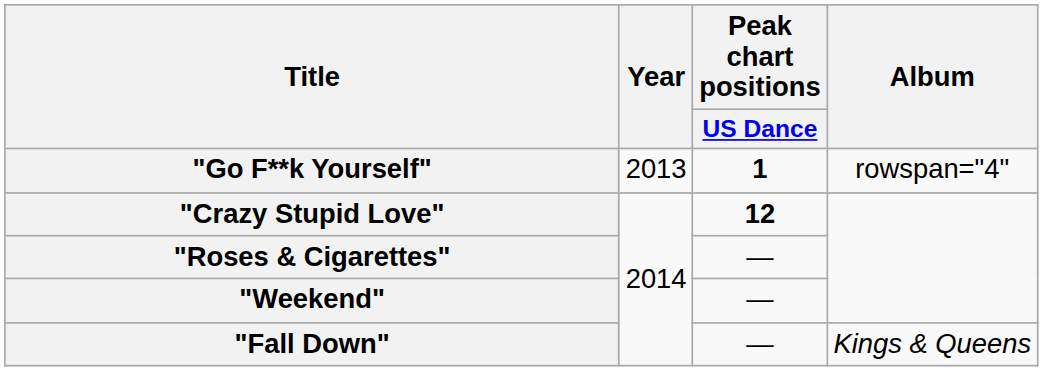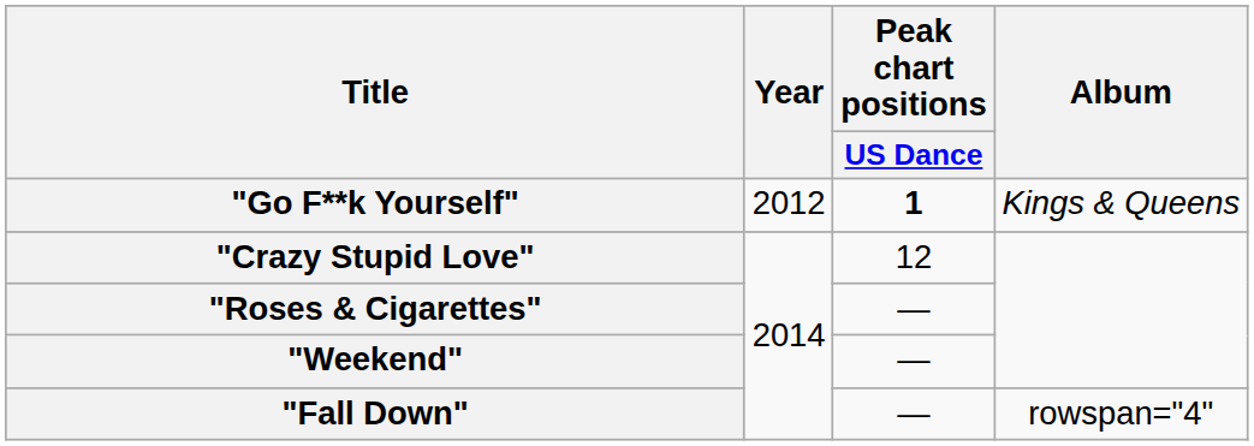 <table class="wikitable plainrowheaders" style="text-align:center;">
 <tr>
 <th scope="col" rowspan="2" style="width:22em;">Title</th>
 <th scope="col" rowspan="2">Year</th>
 <th scope="col" colspan="1">Peak chart positions</th>
 <th scope="col" rowspan="2">Album</th>
 </tr>
 <tr>
 <th scope="col" style="width:2.5em; font-size:90%;"><a href='#'>US Dance</a></th>
 </tr>
 <tr>
 <th scope="row">"Go F**k Yourself"</th>
-<td>2013</td>
+<td>2012</td>
 <td><strong>1</strong></td>
-<td>rowspan="4" </td>
+<td><em>Kings & Queens</em></td>
 </tr>
 <tr>
 <th scope="row">"Crazy Stupid Love"</th>
 <td rowspan="4">2014</td>
-<td><strong>12</strong></td>
+<td>12</td>
 </tr>
 <tr>
 <th scope="row">"Roses & Cigarettes"</th>
 <td>—</td>
 </tr>
 <tr>
 <th scope="row">"Weekend"</th>
 <td>—</td>
 </tr>
 <tr>
 <th scope="row">"Fall Down"</th>
 <td>—</td>
-<td><em>Kings & Queens</em></td>
+<td>rowspan="4" </td>
 </tr>
 </table>
